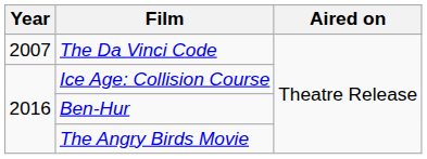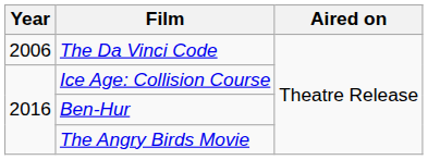 <table class="wikitable">
 <tr>
 <th>Year</th>
 <th>Film</th>
 <th>Aired on</th>
 </tr>
 <tr>
-<td>2007</td>
+<td>2006</td>
 <td><em><a href='#'>The Da Vinci Code</a></em></td>
 <td rowspan="4">Theatre Release</td>
 </tr>
 <tr>
 <td rowspan="3">2016</td>
 <td><em><a href='#'>Ice Age: Collision Course</a></em></td>
 </tr>
 <tr>
 <td><em><a href='#'>Ben-Hur</a></em></td>
 </tr>
 <tr>
 <td><em><a href='#'>The Angry Birds Movie</a></em></td>
 </tr>
 </table>
